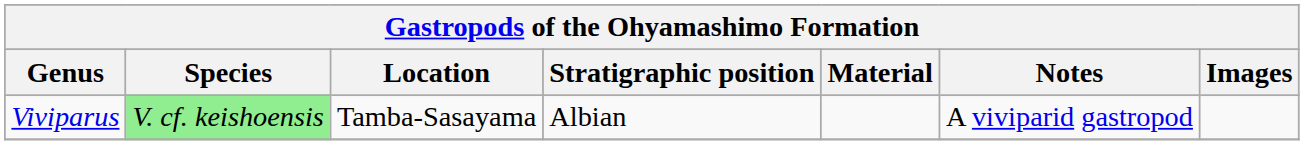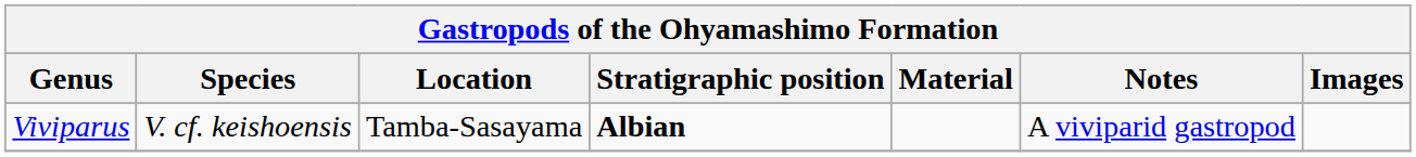 <table class="wikitable" align="center">
 <tr>
 <th colspan="7" align="center"><a href='#'>Gastropods</a> of the Ohyamashimo Formation</th>
 </tr>
 <tr>
 <th>Genus</th>
 <th>Species</th>
 <th>Location</th>
 <th>Stratigraphic position</th>
 <th>Material</th>
 <th>Notes</th>
 <th>Images</th>
 </tr>
 <tr>
 <td><em><a href='#'>Viviparus</a></em></td>
-<td style="background: lightgreen;"><em>V. cf. keishoensis</em></td>
+<td><em>V. cf. keishoensis</em></td>
 <td>Tamba-Sasayama</td>
-<td>Albian</td>
+<td><strong>Albian</strong></td>
 <td></td>
 <td>A <a href='#'>viviparid</a> <a href='#'>gastropod</a></td>
 <td></td>
 </tr>
 <tr>
 </tr>
 </table>
